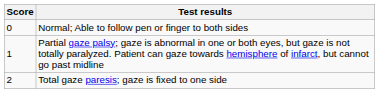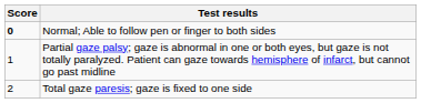 <table class="wikitable">
 <tr>
 <th>Score</th>
 <th>Test results</th>
 </tr>
 <tr>
-<td>0</td>
+<td><strong>0</strong></td>
 <td>Normal; Able to follow pen or finger to both sides</td>
 </tr>
 <tr>
 <td>1</td>
 <td>Partial <a href='#'>gaze palsy</a>; gaze is abnormal in one or both eyes, but gaze is not totally paralyzed. Patient can gaze towards <a href='#'>hemisphere</a> of <a href='#'>infarct</a>, but cannot go past midline</td>
 </tr>
 <tr>
 <td>2</td>
 <td>Total gaze <a href='#'>paresis</a>; gaze is fixed to one side</td>
 </tr>
 </table>
